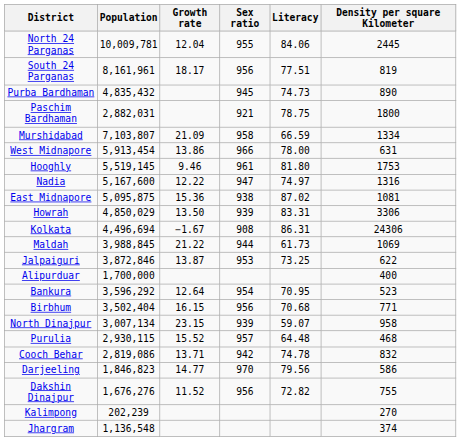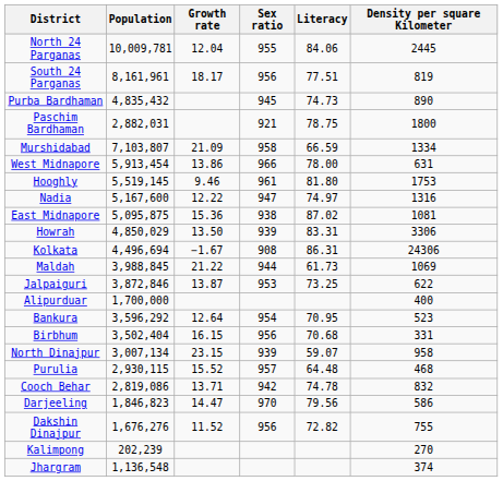 <table class="sortable wikitable">
 <tr style="background:#ccc; text-align:center;">
 <th>District</th>
 <th>Population</th>
 <th>Growth rate</th>
 <th>Sex ratio</th>
 <th>Literacy</th>
 <th>Density per square Kilometer</th>
 </tr>
 <tr style="vertical-align: middle; text-align: center;">
 <td><a href='#'>North 24 Parganas</a></td>
 <td>10,009,781</td>
 <td>12.04</td>
 <td>955</td>
 <td>84.06</td>
 <td>2445</td>
 </tr>
 <tr style="vertical-align: middle; text-align: center;">
 <td><a href='#'>South 24 Parganas</a></td>
 <td>8,161,961</td>
 <td>18.17</td>
 <td>956</td>
 <td>77.51</td>
 <td>819</td>
 </tr>
 <tr style="vertical-align: middle; text-align: center;">
 <td><a href='#'>Purba Bardhaman</a></td>
 <td>4,835,432</td>
 <td></td>
 <td>945</td>
 <td>74.73</td>
 <td>890</td>
 </tr>
 <tr style="vertical-align: middle; text-align: center;">
 <td><a href='#'>Paschim Bardhaman</a></td>
 <td>2,882,031</td>
 <td></td>
 <td>921</td>
 <td>78.75</td>
 <td>1800</td>
 </tr>
 <tr style="vertical-align: middle; text-align: center;">
 <td><a href='#'>Murshidabad</a></td>
 <td>7,103,807</td>
 <td>21.09</td>
 <td>958</td>
 <td>66.59</td>
 <td>1334</td>
 </tr>
 <tr style="vertical-align: middle; text-align: center;">
 <td><a href='#'>West Midnapore</a></td>
 <td>5,913,454</td>
 <td>13.86</td>
 <td>966</td>
 <td>78.00</td>
 <td>631</td>
 </tr>
 <tr style="vertical-align: middle; text-align: center;">
 <td><a href='#'>Hooghly</a></td>
 <td>5,519,145</td>
 <td>9.46</td>
 <td>961</td>
 <td>81.80</td>
 <td>1753</td>
 </tr>
 <tr style="vertical-align: middle; text-align: center;">
 <td><a href='#'>Nadia</a></td>
 <td>5,167,600</td>
 <td>12.22</td>
 <td>947</td>
 <td>74.97</td>
 <td>1316</td>
 </tr>
 <tr style="vertical-align: middle; text-align: center;">
 <td><a href='#'>East Midnapore</a></td>
 <td>5,095,875</td>
 <td>15.36</td>
 <td>938</td>
 <td>87.02</td>
 <td>1081</td>
 </tr>
 <tr style="vertical-align: middle; text-align: center;">
 <td><a href='#'>Howrah</a></td>
 <td>4,850,029</td>
 <td>13.50</td>
 <td>939</td>
 <td>83.31</td>
 <td>3306</td>
 </tr>
 <tr style="vertical-align: middle; text-align: center;">
 <td><a href='#'>Kolkata</a></td>
 <td>4,496,694</td>
 <td>−1.67</td>
 <td>908</td>
 <td>86.31</td>
 <td>24306</td>
 </tr>
 <tr style="vertical-align: middle; text-align: center;">
 <td><a href='#'>Maldah</a></td>
 <td>3,988,845</td>
 <td>21.22</td>
 <td>944</td>
 <td>61.73</td>
 <td>1069</td>
 </tr>
 <tr style="vertical-align: middle; text-align: center;”">
 <td><a href='#'>Jalpaiguri</a></td>
 <td>3,872,846</td>
 <td>13.87</td>
 <td>953</td>
 <td>73.25</td>
 <td>622</td>
 </tr>
 <tr style="vertical-align: middle; text-align: center;">
 <td><a href='#'>Alipurduar</a></td>
 <td>1,700,000</td>
 <td></td>
 <td></td>
 <td></td>
 <td>400</td>
 </tr>
 <tr style="vertical-align: middle; text-align: center;">
 <td><a href='#'>Bankura</a></td>
 <td>3,596,292</td>
 <td>12.64</td>
 <td>954</td>
 <td>70.95</td>
 <td>523</td>
 </tr>
 <tr style="vertical-align: middle; text-align: center;">
 <td><a href='#'>Birbhum</a></td>
 <td>3,502,404</td>
 <td>16.15</td>
 <td>956</td>
 <td>70.68</td>
-<td>771</td>
+<td>331</td>
 </tr>
 <tr style="vertical-align: middle; text-align: center;">
 <td><a href='#'>North Dinajpur</a></td>
 <td>3,007,134</td>
 <td>23.15</td>
 <td>939</td>
 <td>59.07</td>
 <td>958</td>
 </tr>
 <tr style="vertical-align: middle; text-align: center;">
 <td><a href='#'>Purulia</a></td>
 <td>2,930,115</td>
 <td>15.52</td>
 <td>957</td>
 <td>64.48</td>
 <td>468</td>
 </tr>
 <tr style="vertical-align: middle; text-align: center;">
 <td><a href='#'>Cooch Behar</a></td>
 <td>2,819,086</td>
 <td>13.71</td>
 <td>942</td>
 <td>74.78</td>
 <td>832</td>
 </tr>
 <tr style="vertical-align: middle; text-align: center;">
 <td><a href='#'>Darjeeling</a></td>
 <td>1,846,823</td>
-<td>14.77</td>
+<td>14.47</td>
 <td>970</td>
 <td>79.56</td>
 <td>586</td>
 </tr>
 <tr style="vertical-align: middle; text-align: center;">
 <td><a href='#'>Dakshin Dinajpur</a></td>
 <td>1,676,276</td>
 <td>11.52</td>
 <td>956</td>
 <td>72.82</td>
 <td>755</td>
 </tr>
 <tr style="vertical-align: middle; text-align: center;">
 <td><a href='#'>Kalimpong</a></td>
 <td>202,239</td>
 <td></td>
 <td></td>
 <td></td>
 <td>270</td>
 </tr>
 <tr style="vertical-align: middle; text-align: center;">
 <td><a href='#'>Jhargram</a></td>
 <td>1,136,548</td>
 <td></td>
 <td></td>
 <td></td>
 <td>374</td>
 </tr>
 </table>
